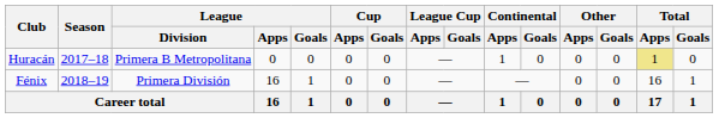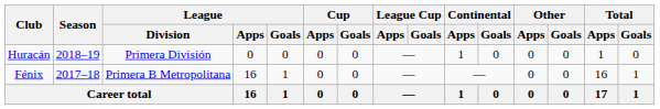 <table class="wikitable" style="text-align:center">
 <tr>
 <th rowspan="2">Club</th>
 <th rowspan="2">Season</th>
 <th colspan="3">League</th>
 <th colspan="2">Cup</th>
 <th colspan="2">League Cup</th>
 <th colspan="2">Continental</th>
 <th colspan="2">Other</th>
 <th colspan="2">Total</th>
 </tr>
 <tr>
 <th>Division</th>
 <th>Apps</th>
 <th>Goals</th>
 <th>Apps</th>
 <th>Goals</th>
 <th>Apps</th>
 <th>Goals</th>
 <th>Apps</th>
 <th>Goals</th>
 <th>Apps</th>
 <th>Goals</th>
 <th>Apps</th>
 <th>Goals</th>
 </tr>
 <tr>
 <td rowspan="1"><a href='#'>Huracán</a></td>
-<td><a href='#'>2017–18</a></td>
-<td rowspan="1"><a href='#'>Primera B Metropolitana</a></td>
+<td><a href='#'>2018–19</a></td>
+<td rowspan="1"><a href='#'>Primera División</a></td>
 <td>0</td>
 <td>0</td>
 <td>0</td>
 <td>0</td>
 <td colspan="2">—</td>
 <td>1</td>
 <td>0</td>
 <td>0</td>
 <td>0</td>
-<td style="background: khaki;">1</td>
+<td>1</td>
 <td>0</td>
 </tr>
 <tr>
 <td rowspan="1"><a href='#'>Fénix</a></td>
-<td><a href='#'>2018–19</a></td>
-<td rowspan="1"><a href='#'>Primera División</a></td>
+<td><a href='#'>2017–18</a></td>
+<td rowspan="1"><a href='#'>Primera B Metropolitana</a></td>
 <td>16</td>
 <td>1</td>
 <td>0</td>
 <td>0</td>
 <td colspan="2">—</td>
 <td colspan="2">—</td>
 <td>0</td>
 <td>0</td>
 <td>16</td>
 <td>1</td>
 </tr>
 <tr>
 <th colspan="3">Career total</th>
 <th>16</th>
 <th>1</th>
 <th>0</th>
 <th>0</th>
 <th colspan="2">—</th>
 <th>1</th>
 <th>0</th>
 <th>0</th>
 <th>0</th>
 <th>17</th>
 <th>1</th>
 </tr>
 </table>
